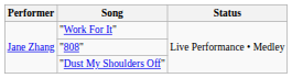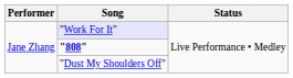 <table class="wikitable" style="font-size:85%">
 <tr>
 <th>Performer</th>
 <th>Song</th>
 <th>Status</th>
 </tr>
 <tr>
 <td rowspan="3"> <a href='#'>Jane Zhang</a></td>
-<td>"<a href='#'>Work For It</a>"</td>
+<td style="background: lavender;">"<a href='#'>Work For It</a>"</td>
 <td rowspan="3">Live Performance • Medley</td>
 </tr>
 <tr>
-<td>"<a href='#'>808</a>"</td>
+<td><strong>"<a href='#'>808</a>"</strong></td>
 </tr>
 <tr>
 <td>"<a href='#'>Dust My Shoulders Off</a>"</td>
 </tr>
 </table>
